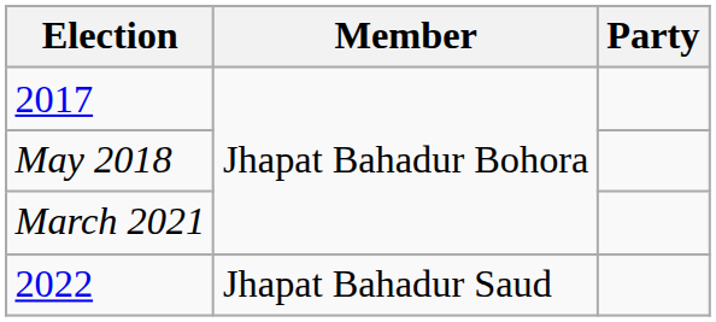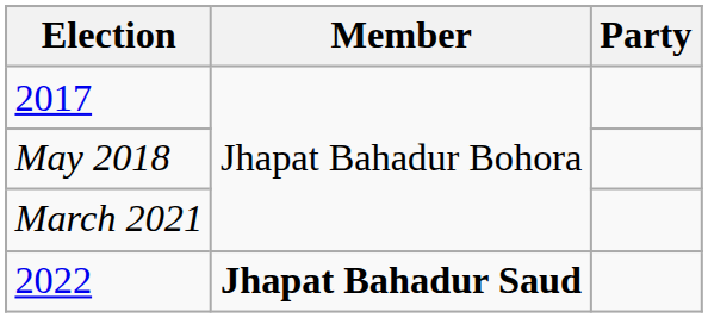 <table class="wikitable">
 <tr>
 <th>Election</th>
 <th>Member</th>
 <th colspan="2">Party</th>
 </tr>
 <tr>
 <td><a href='#'>2017</a></td>
 <td rowspan="3">Jhapat Bahadur Bohora</td>
 <td></td>
 </tr>
 <tr>
 <td><em>May 2018</em></td>
 <td></td>
 </tr>
 <tr>
 <td><em>March 2021</em></td>
 <td></td>
 </tr>
 <tr>
 <td><a href='#'>2022</a></td>
-<td>Jhapat Bahadur Saud</td>
+<td><strong>Jhapat Bahadur Saud</strong></td>
 <td></td>
 </tr>
 </table>
